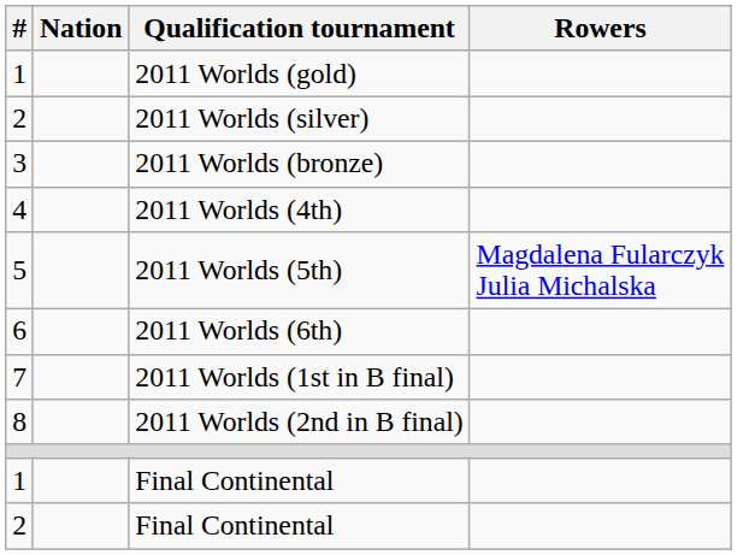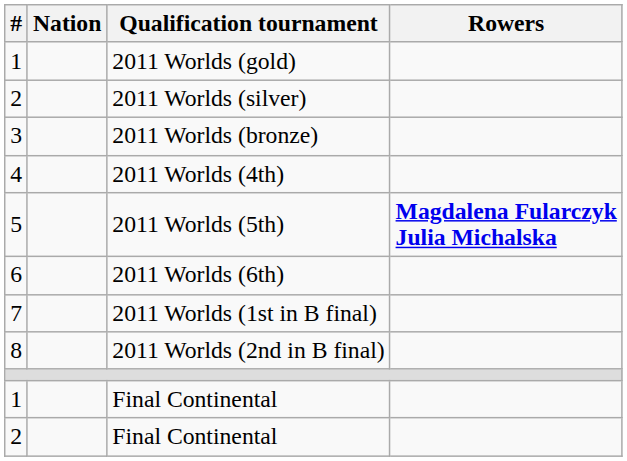 <table class="wikitable">
 <tr>
 <th>#</th>
 <th>Nation</th>
 <th>Qualification tournament</th>
 <th>Rowers</th>
 </tr>
 <tr>
 <td>1</td>
 <td></td>
 <td>2011 Worlds (gold)</td>
 <td></td>
 </tr>
 <tr>
 <td>2</td>
 <td></td>
 <td>2011 Worlds (silver)</td>
 <td></td>
 </tr>
 <tr>
 <td>3</td>
 <td></td>
 <td>2011 Worlds (bronze)</td>
 <td></td>
 </tr>
 <tr>
 <td>4</td>
 <td></td>
 <td>2011 Worlds (4th)</td>
 <td></td>
 </tr>
 <tr>
 <td>5</td>
 <td></td>
 <td>2011 Worlds (5th)</td>
-<td><a href='#'>Magdalena Fularczyk</a><br><a href='#'>Julia Michalska</a></td>
+<td><strong><a href='#'>Magdalena Fularczyk</a><br><a href='#'>Julia Michalska</a></strong></td>
 </tr>
 <tr>
 <td>6</td>
 <td></td>
 <td>2011 Worlds (6th)</td>
 <td></td>
 </tr>
 <tr>
 <td>7</td>
 <td></td>
 <td>2011 Worlds (1st in B final)</td>
 <td></td>
 </tr>
 <tr>
 <td>8</td>
 <td></td>
 <td>2011 Worlds (2nd in B final)</td>
 <td></td>
 </tr>
 <tr bgcolor=#DDDDDD>
 <td colspan=4></td>
 </tr>
 <tr>
 <td>1</td>
 <td></td>
 <td>Final Continental</td>
 <td></td>
 </tr>
 <tr>
 <td>2</td>
 <td></td>
 <td>Final Continental</td>
 <td></td>
 </tr>
 </table>
